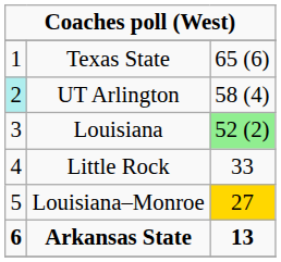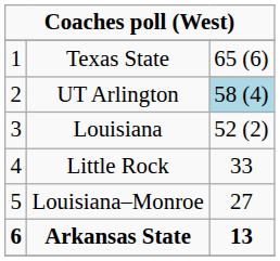 <table class="wikitable">
 <tr align="center">
 <td align="center" Colspan="3"><strong>Coaches poll (West)</strong></td>
 </tr>
 <tr align="center">
 </tr>
 <tr align="center">
 <td>1</td>
 <td>Texas State</td>
 <td>65 (6)</td>
 </tr>
 <tr align="center">
-<td style="background: paleturquoise;">2</td>
+<td>2</td>
 <td>UT Arlington</td>
-<td>58 (4)</td>
+<td style="background: lightblue;">58 (4)</td>
 </tr>
 <tr align="center">
 <td>3</td>
 <td>Louisiana</td>
-<td style="background: lightgreen;">52 (2)</td>
+<td>52 (2)</td>
 </tr>
 <tr align="center">
 <td>4</td>
 <td>Little Rock</td>
 <td>33</td>
 </tr>
 <tr align="center">
 <td>5</td>
 <td>Louisiana–Monroe</td>
-<td style="background: gold;">27</td>
+<td>27</td>
 </tr>
 <tr align="center">
 <td><strong>6</strong></td>
 <td><strong>Arkansas State</strong></td>
 <td><strong>13</strong></td>
 </tr>
 <tr align="center">
 </tr>
 </table>
